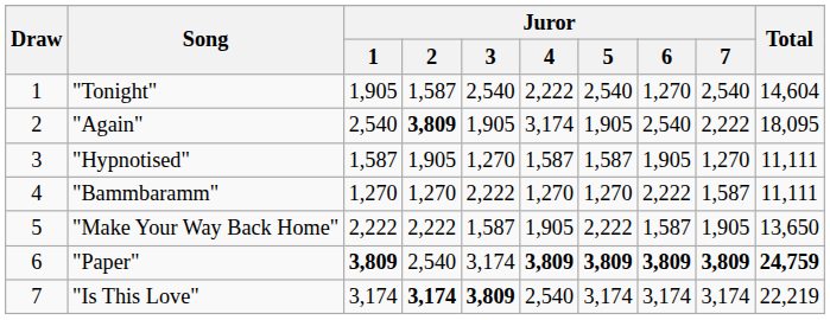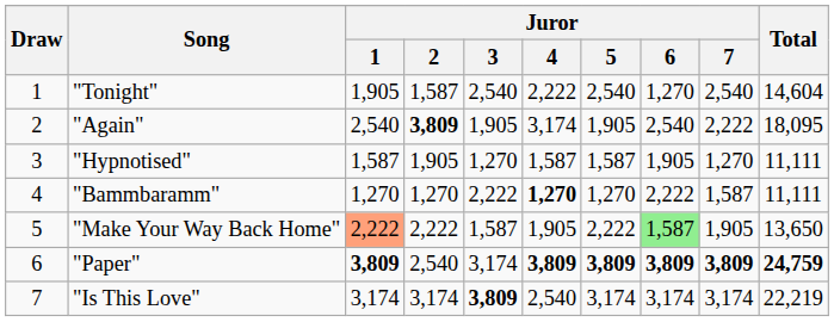 <table class="wikitable collapsible" style="margin: 1em auto 1em auto; text-align:center">
 <tr>
 </tr>
 <tr>
 <th rowspan="2">Draw</th>
 <th rowspan="2">Song</th>
 <th colspan="7">Juror</th>
 <th rowspan="2">Total</th>
 </tr>
 <tr>
 <th>1</th>
 <th>2</th>
 <th>3</th>
 <th>4</th>
 <th>5</th>
 <th>6</th>
 <th>7</th>
 </tr>
 <tr>
 <td>1</td>
 <td align="left">"Tonight"</td>
 <td>1,905</td>
 <td>1,587</td>
 <td>2,540</td>
 <td>2,222</td>
 <td>2,540</td>
 <td>1,270</td>
 <td>2,540</td>
 <td>14,604</td>
 </tr>
 <tr>
 <td>2</td>
 <td align="left">"Again"</td>
 <td>2,540</td>
 <td><strong>3,809</strong></td>
 <td>1,905</td>
 <td>3,174</td>
 <td>1,905</td>
 <td>2,540</td>
 <td>2,222</td>
 <td>18,095</td>
 </tr>
 <tr>
 <td>3</td>
 <td align="left">"Hypnotised"</td>
 <td>1,587</td>
 <td>1,905</td>
 <td>1,270</td>
 <td>1,587</td>
 <td>1,587</td>
 <td>1,905</td>
 <td>1,270</td>
 <td>11,111</td>
 </tr>
 <tr>
 <td>4</td>
 <td align="left">"Bammbaramm"</td>
 <td>1,270</td>
 <td>1,270</td>
 <td>2,222</td>
-<td>1,270</td>
+<td><strong>1,270</strong></td>
 <td>1,270</td>
 <td>2,222</td>
 <td>1,587</td>
 <td>11,111</td>
 </tr>
 <tr>
 <td>5</td>
 <td align="left">"Make Your Way Back Home"</td>
-<td>2,222</td>
+<td style="background: lightsalmon;">2,222</td>
 <td>2,222</td>
 <td>1,587</td>
 <td>1,905</td>
 <td>2,222</td>
-<td>1,587</td>
+<td style="background: lightgreen;">1,587</td>
 <td>1,905</td>
 <td>13,650</td>
 </tr>
 <tr>
 <td>6</td>
 <td align="left">"Paper"</td>
 <td><strong>3,809</strong></td>
 <td>2,540</td>
 <td>3,174</td>
 <td><strong>3,809</strong></td>
 <td><strong>3,809</strong></td>
 <td><strong>3,809</strong></td>
 <td><strong>3,809</strong></td>
 <td><strong>24,759</strong></td>
 </tr>
 <tr>
 <td>7</td>
 <td align="left">"Is This Love"</td>
 <td>3,174</td>
-<td><strong>3,174</strong></td>
+<td>3,174</td>
 <td><strong>3,809</strong></td>
 <td>2,540</td>
 <td>3,174</td>
 <td>3,174</td>
 <td>3,174</td>
 <td>22,219</td>
 </tr>
 </table>
